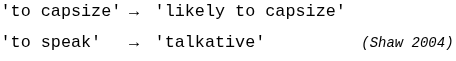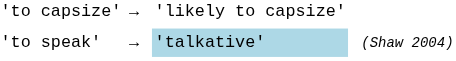 <table style="line-height: 1.4em;" cellpadding="2">
 <tr>
 <td> </td>
 <td> </td>
 <td></td>
 <td>'to capsize'</td>
 <td>→</td>
 <td></td>
 <td>'likely to capsize'</td>
 <td></td>
 </tr>
 <tr>
 <td> </td>
 <td> </td>
 <td></td>
 <td>'to speak'</td>
 <td>→</td>
 <td></td>
-<td>'talkative'</td>
+<td style="background: lightblue;">'talkative'</td>
 <td></td>
 <td><small><cite>(Shaw 2004)</cite></small></td>
 </tr>
 </table>
